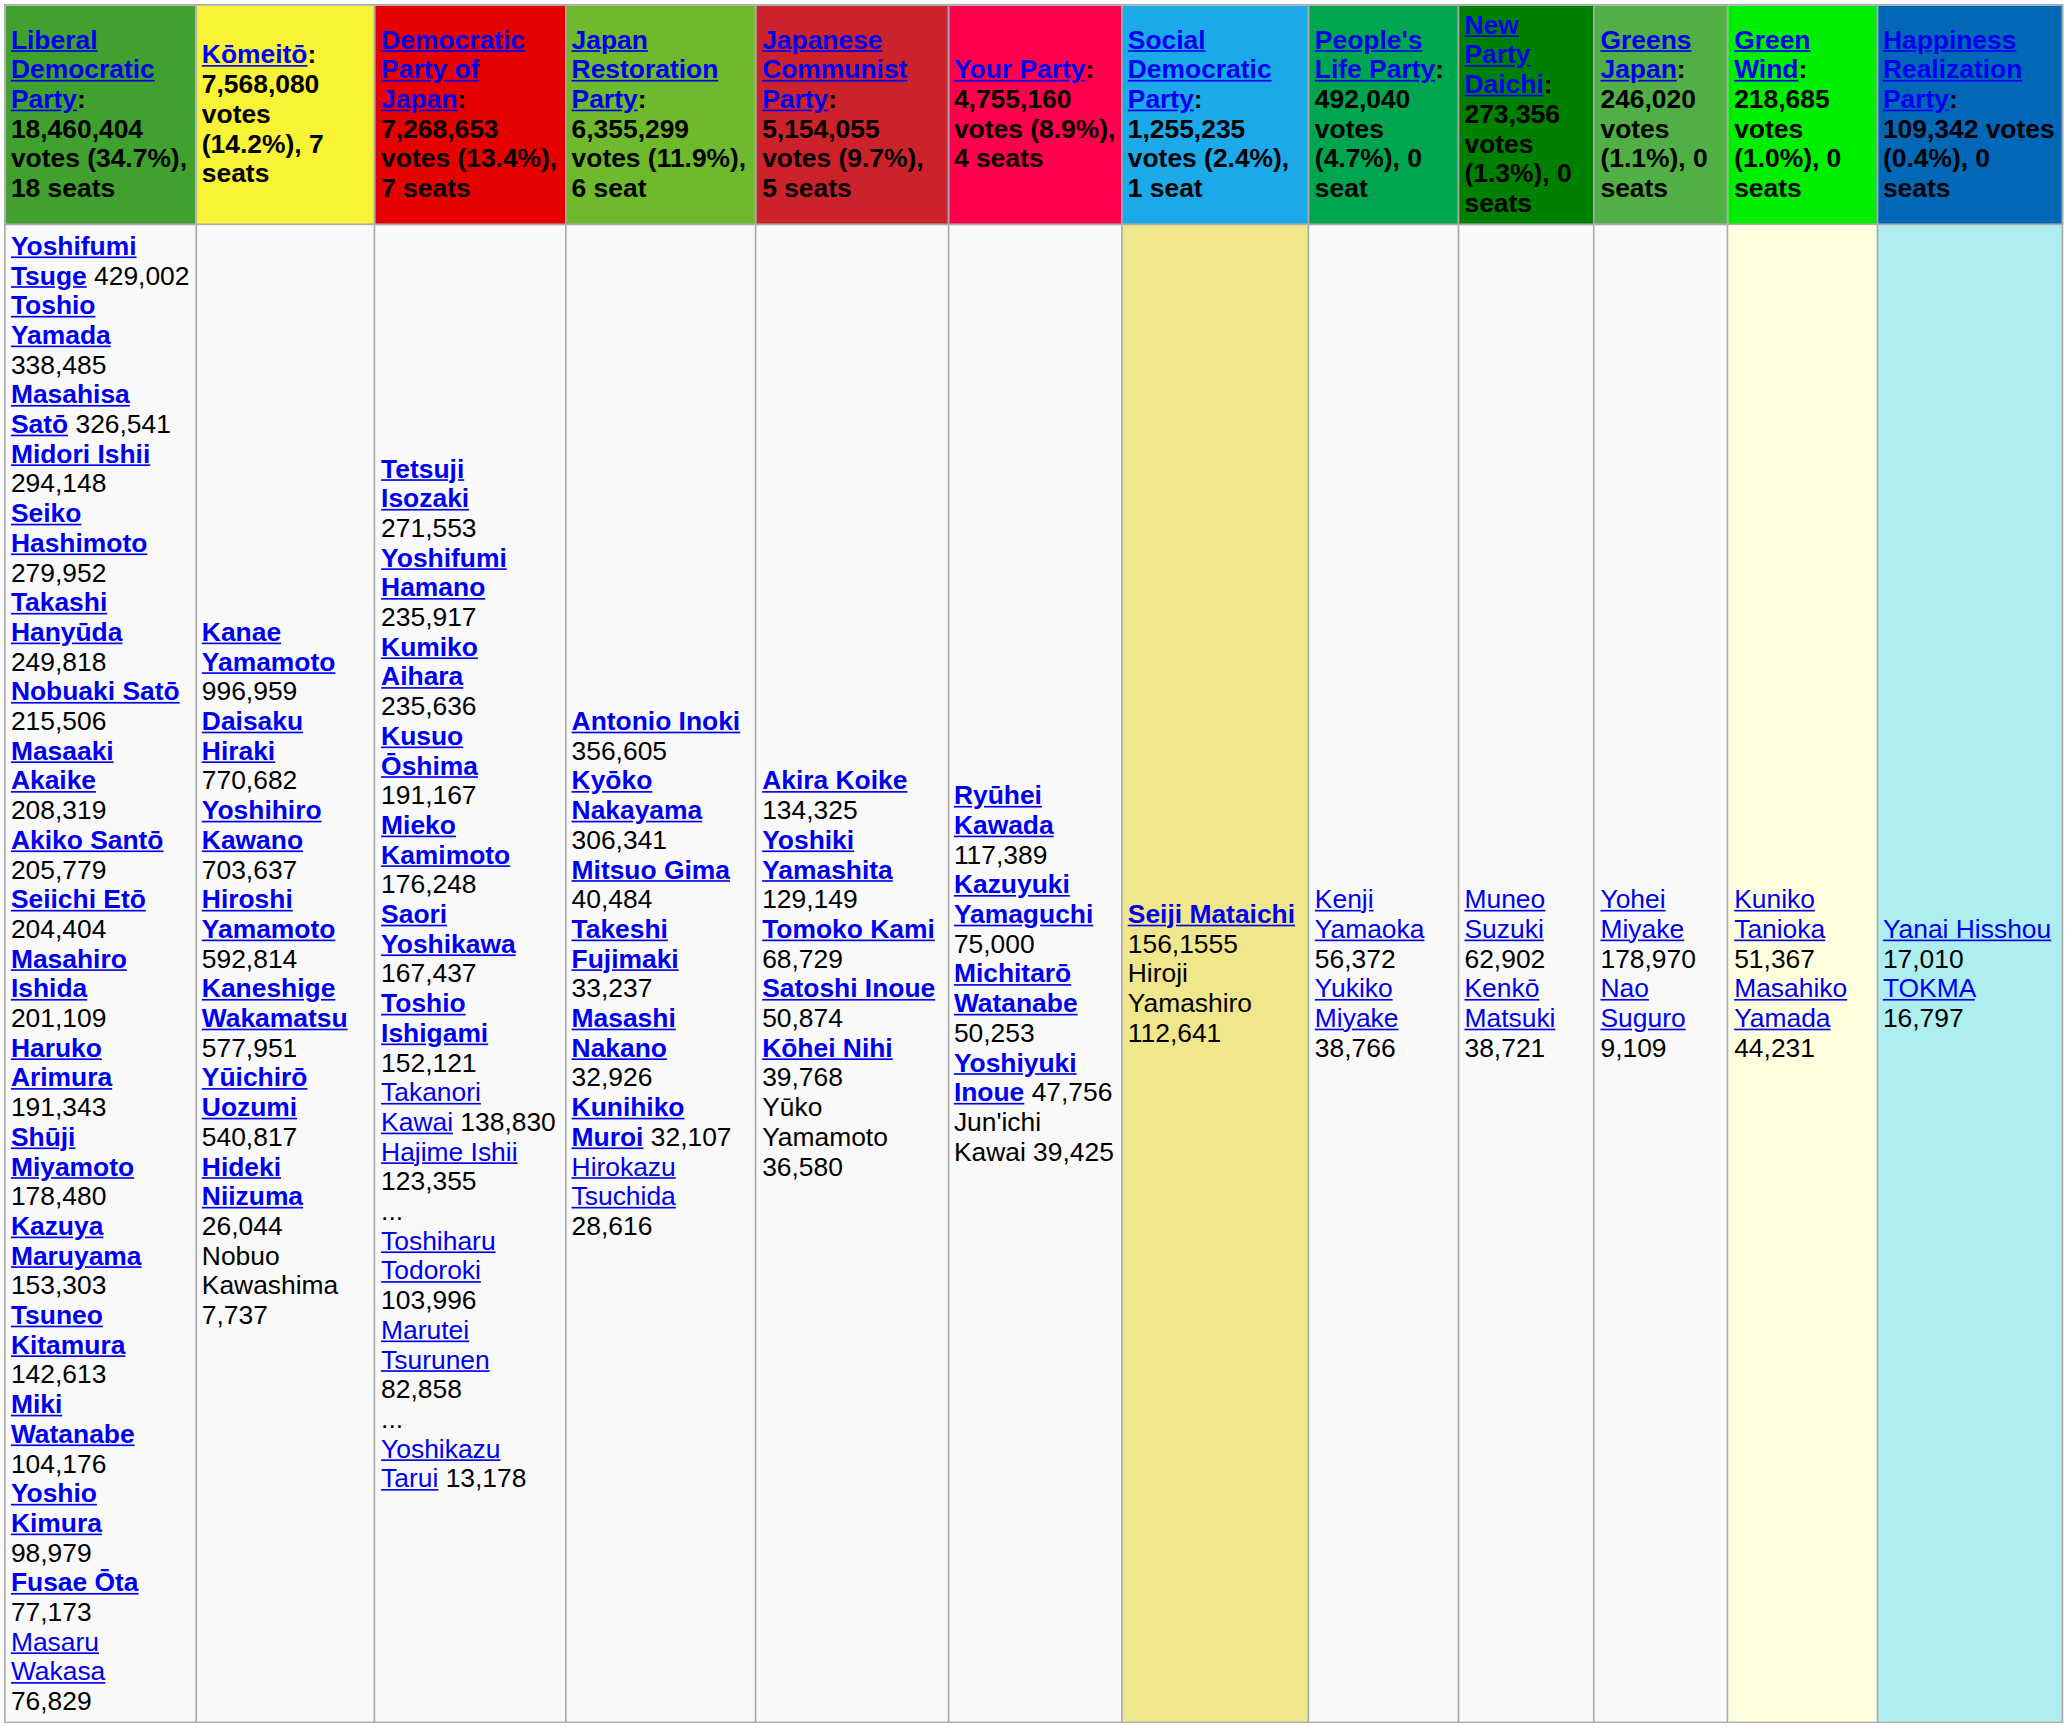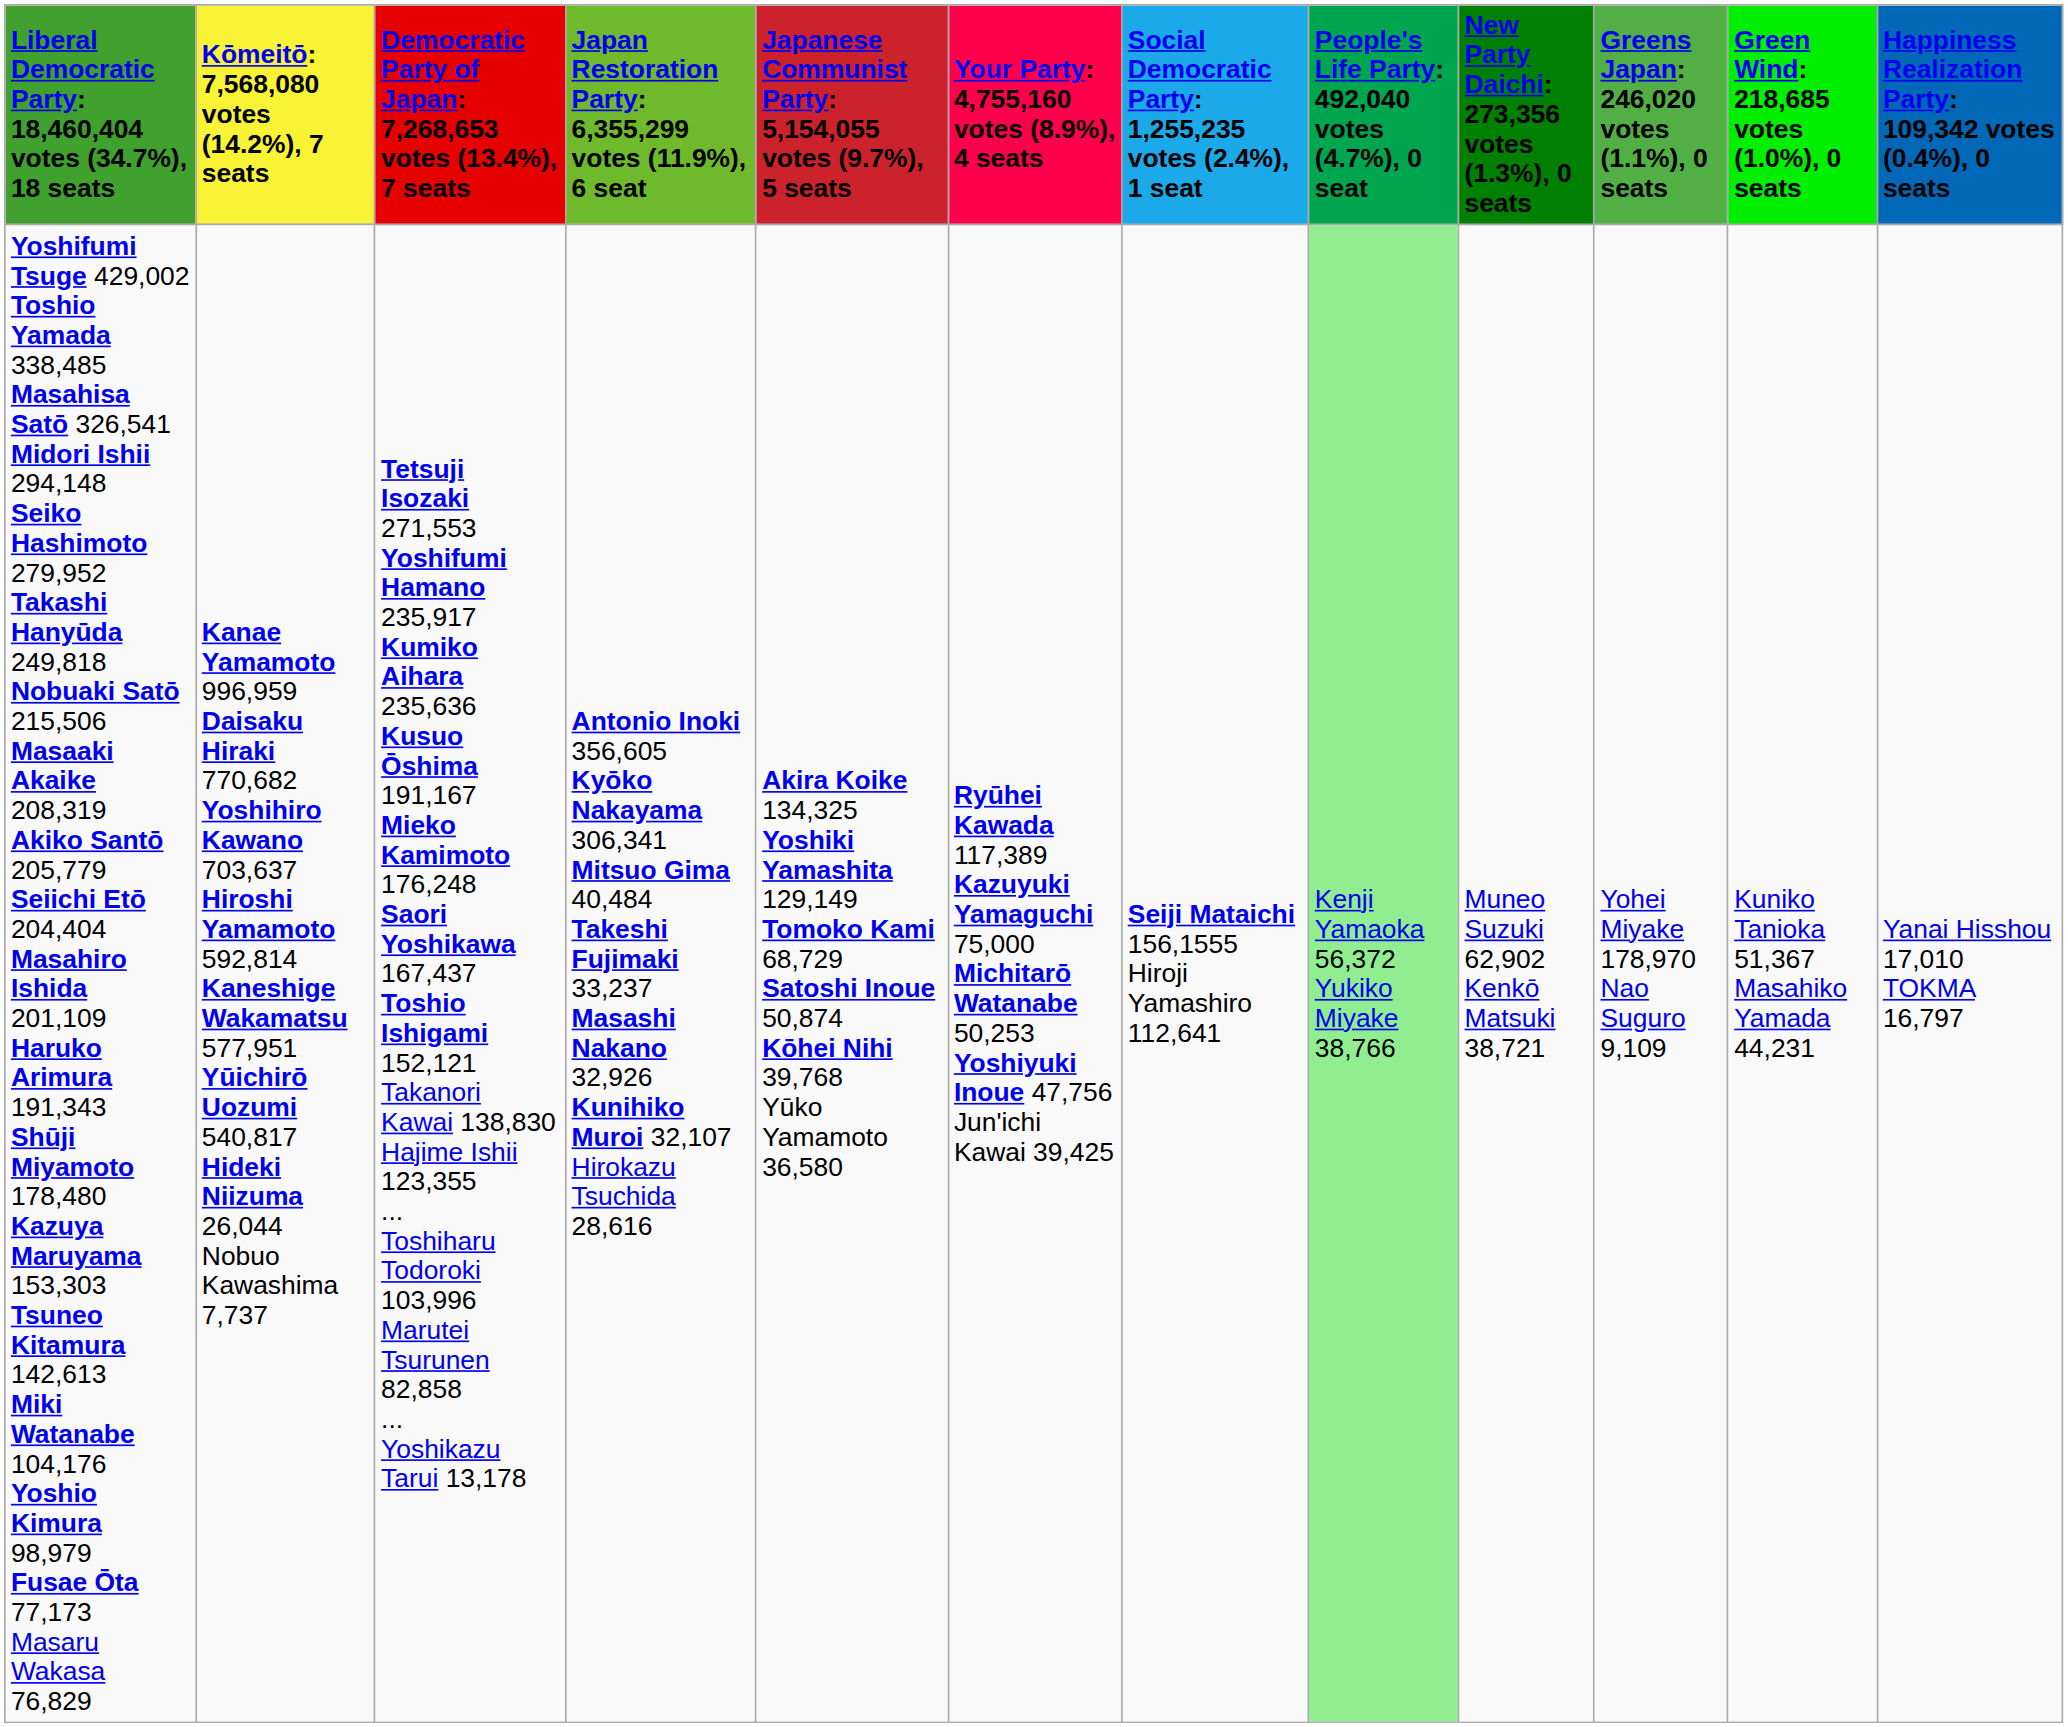 <table class="wikitable">
 <tr>
 <td colspan="1" bgcolor="#41A12E"><strong><a href='#'>Liberal Democratic Party</a>: 18,460,404 votes (34.7%), 18 seats</strong></td>
 <td colspan="1" bgcolor="#F9F335"><strong><a href='#'>Kōmeitō</a>: 7,568,080 votes (14.2%), 7 seats</strong></td>
 <td colspan="1" bgcolor="#E60000"><strong><a href='#'>Democratic Party of Japan</a>: 7,268,653 votes (13.4%), 7 seats</strong></td>
 <td colspan="1" bgcolor="#6FBA2C"><strong><a href='#'>Japan Restoration Party</a>: 6,355,299 votes (11.9%), 6 seat</strong></td>
 <td colspan="1" bgcolor="#CC222C"><strong><a href='#'>Japanese Communist Party</a>: 5,154,055 votes (9.7%), 5 seats</strong></td>
 <td colspan="1" bgcolor="#FF004C"><strong><a href='#'>Your Party</a>: 4,755,160 votes (8.9%), 4 seats</strong></td>
 <td colspan="1" bgcolor="#1CA9E9"><strong><a href='#'>Social Democratic Party</a>: 1,255,235 votes (2.4%), 1 seat</strong></td>
 <td colspan="1" bgcolor="#00A550"><strong><a href='#'>People's Life Party</a>: 492,040 votes (4.7%), 0 seat</strong></td>
 <td colspan="1" bgcolor="#008000"><strong><a href='#'>New Party Daichi</a>: 273,356 votes (1.3%), 0 seats</strong></td>
 <td colspan="1" bgcolor="#52AF45"><strong><a href='#'>Greens Japan</a>: 246,020 votes (1.1%), 0 seats</strong></td>
 <td colspan="1" bgcolor="#Green"><strong><a href='#'>Green Wind</a>: 218,685 votes (1.0%), 0 seats</strong></td>
 <td colspan="1" bgcolor="#0168B7"><strong><a href='#'>Happiness Realization Party</a>: 109,342 votes (0.4%), 0 seats</strong></td>
 </tr>
 <tr>
 <td><strong><a href='#'>Yoshifumi Tsuge</a></strong> 429,002<br><strong><a href='#'>Toshio Yamada</a></strong> 338,485<br><strong><a href='#'>Masahisa Satō</a></strong> 326,541<br><strong><a href='#'>Midori Ishii</a></strong> 294,148<br><strong><a href='#'>Seiko Hashimoto</a></strong> 279,952<br><strong><a href='#'>Takashi Hanyūda</a></strong> 249,818<br><strong><a href='#'>Nobuaki Satō</a></strong> 215,506<br><strong><a href='#'>Masaaki Akaike</a></strong> 208,319<br><strong><a href='#'>Akiko Santō</a></strong> 205,779<br><strong><a href='#'>Seiichi Etō</a></strong> 204,404<br><strong><a href='#'>Masahiro Ishida</a></strong> 201,109<br><strong><a href='#'>Haruko Arimura</a></strong> 191,343<br><strong><a href='#'>Shūji Miyamoto</a></strong> 178,480<br><strong><a href='#'>Kazuya Maruyama</a></strong> 153,303<br><strong><a href='#'>Tsuneo Kitamura</a></strong> 142,613<br><strong><a href='#'>Miki Watanabe</a></strong> 104,176<br><strong><a href='#'>Yoshio Kimura</a></strong> 98,979<br><strong><a href='#'>Fusae Ōta</a></strong> 77,173<br><a href='#'>Masaru Wakasa</a> 76,829</td>
 <td><strong><a href='#'>Kanae Yamamoto</a></strong> 996,959<br><strong><a href='#'>Daisaku Hiraki</a></strong> 770,682<br><strong><a href='#'>Yoshihiro Kawano</a></strong> 703,637<br><strong><a href='#'>Hiroshi Yamamoto</a></strong> 592,814<br><strong><a href='#'>Kaneshige Wakamatsu</a></strong> 577,951<br><strong><a href='#'>Yūichirō Uozumi</a></strong> 540,817<br><strong><a href='#'>Hideki Niizuma</a></strong> 26,044<br>Nobuo Kawashima 7,737</td>
 <td><strong><a href='#'>Tetsuji Isozaki</a></strong> 271,553<br><strong><a href='#'>Yoshifumi Hamano</a></strong> 235,917<br><strong><a href='#'>Kumiko Aihara</a></strong> 235,636<br><strong><a href='#'>Kusuo Ōshima</a></strong> 191,167<br><strong><a href='#'>Mieko Kamimoto</a></strong> 176,248<br><strong><a href='#'>Saori Yoshikawa</a></strong> 167,437<br><strong><a href='#'>Toshio Ishigami</a></strong> 152,121<br><a href='#'>Takanori Kawai</a> 138,830<br><a href='#'>Hajime Ishii</a> 123,355<br>...<br><a href='#'>Toshiharu Todoroki</a> 103,996<br><a href='#'>Marutei Tsurunen</a> 82,858<br>...<br><a href='#'>Yoshikazu Tarui</a> 13,178</td>
 <td><strong><a href='#'>Antonio Inoki</a></strong> 356,605<br><strong><a href='#'>Kyōko Nakayama</a></strong> 306,341<br><strong><a href='#'>Mitsuo Gima</a></strong> 40,484<br><strong><a href='#'>Takeshi Fujimaki</a></strong> 33,237<br><strong><a href='#'>Masashi Nakano</a></strong> 32,926<br><strong><a href='#'>Kunihiko Muroi</a></strong> 32,107<br><a href='#'>Hirokazu Tsuchida</a> 28,616</td>
 <td><strong><a href='#'>Akira Koike</a></strong> 134,325<br><strong><a href='#'>Yoshiki Yamashita</a></strong> 129,149<br><strong><a href='#'>Tomoko Kami</a></strong> 68,729<br><strong><a href='#'>Satoshi Inoue</a></strong> 50,874<br><strong><a href='#'>Kōhei Nihi</a></strong> 39,768<br>Yūko Yamamoto 36,580</td>
 <td><strong><a href='#'>Ryūhei Kawada</a></strong> 117,389<br><strong><a href='#'>Kazuyuki Yamaguchi</a></strong> 75,000<br><strong><a href='#'>Michitarō Watanabe</a></strong> 50,253<br><strong><a href='#'>Yoshiyuki Inoue</a></strong> 47,756<br>Jun'ichi Kawai 39,425</td>
-<td style="background: khaki;"><strong><a href='#'>Seiji Mataichi</a></strong> 156,1555<br>Hiroji Yamashiro 112,641</td>
-<td><a href='#'>Kenji Yamaoka</a> 56,372<br><a href='#'>Yukiko Miyake</a> 38,766</td>
+<td><strong><a href='#'>Seiji Mataichi</a></strong> 156,1555<br>Hiroji Yamashiro 112,641</td>
+<td style="background: lightgreen;"><a href='#'>Kenji Yamaoka</a> 56,372<br><a href='#'>Yukiko Miyake</a> 38,766</td>
 <td><a href='#'>Muneo Suzuki</a> 62,902<br><a href='#'>Kenkō Matsuki</a> 38,721</td>
 <td><a href='#'>Yohei Miyake</a> 178,970<br><a href='#'>Nao Suguro</a> 9,109</td>
-<td style="background: lightyellow;"><a href='#'>Kuniko Tanioka</a> 51,367<br><a href='#'>Masahiko Yamada</a> 44,231</td>
-<td style="background: paleturquoise;"><a href='#'>Yanai Hisshou</a> 17,010<br><a href='#'>TOKMA</a> 16,797</td>
+<td><a href='#'>Kuniko Tanioka</a> 51,367<br><a href='#'>Masahiko Yamada</a> 44,231</td>
+<td><a href='#'>Yanai Hisshou</a> 17,010<br><a href='#'>TOKMA</a> 16,797</td>
 </tr>
 </table>
